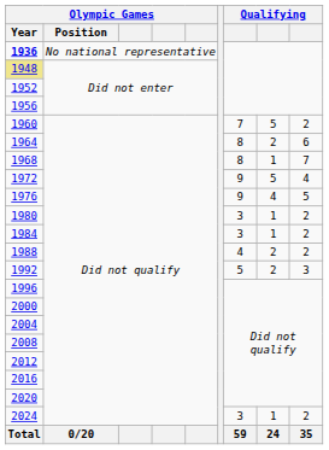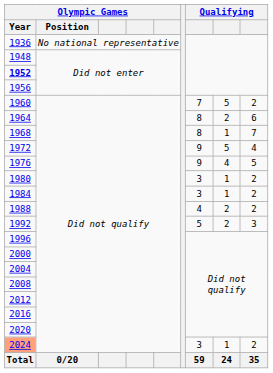 <table class="wikitable" style="text-align: center;font-size:90%;">
 <tr>
 <th colspan=5><a href='#'>Olympic Games</a></th>
 <th rowspan=24></th>
 <th colspan=3><a href='#'>Qualifying</a></th>
 </tr>
 <tr>
 <th>Year</th>
 <th>Position</th>
 <th width=30></th>
 <th width=30></th>
 <th width=30></th>
 <th width=30></th>
 <th width=30></th>
 <th width=30></th>
 </tr>
 <tr>
-<td><strong> <a href='#'>1936</a></strong></td>
+<td> <a href='#'>1936</a></td>
 <td colspan=4><em>No national representative</em></td>
 </tr>
 <tr>
-<td style="background: khaki;"> <a href='#'>1948</a></td>
+<td> <a href='#'>1948</a></td>
 <td colspan=4 rowspan=3><em>Did not enter</em></td>
 </tr>
 <tr>
-<td> <a href='#'>1952</a></td>
+<td><strong> <a href='#'>1952</a></strong></td>
 </tr>
 <tr>
 <td> <a href='#'>1956</a></td>
 </tr>
 <tr>
 <td> <a href='#'>1960</a></td>
 <td colspan=4 rowspan=17><em>Did not qualify</em></td>
 <td>7</td>
 <td>5</td>
 <td>2</td>
 </tr>
 <tr>
 <td> <a href='#'>1964</a></td>
 <td>8</td>
 <td>2</td>
 <td>6</td>
 </tr>
 <tr>
 <td> <a href='#'>1968</a></td>
 <td>8</td>
 <td>1</td>
 <td>7</td>
 </tr>
 <tr>
 <td> <a href='#'>1972</a></td>
 <td>9</td>
 <td>5</td>
 <td>4</td>
 </tr>
 <tr>
 <td> <a href='#'>1976</a></td>
 <td>9</td>
 <td>4</td>
 <td>5</td>
 </tr>
 <tr>
 <td> <a href='#'>1980</a></td>
 <td>3</td>
 <td>1</td>
 <td>2</td>
 </tr>
 <tr>
 <td> <a href='#'>1984</a></td>
 <td>3</td>
 <td>1</td>
 <td>2</td>
 </tr>
 <tr>
 <td> <a href='#'>1988</a></td>
 <td>4</td>
 <td>2</td>
 <td>2</td>
 </tr>
 <tr>
 <td> <a href='#'>1992</a></td>
 <td>5</td>
 <td>2</td>
 <td>3</td>
 </tr>
 <tr>
 <td> <a href='#'>1996</a></td>
 <td colspan=3 rowspan=7><em>Did not qualify</em></td>
 </tr>
 <tr>
 <td> <a href='#'>2000</a></td>
 </tr>
 <tr>
 <td> <a href='#'>2004</a></td>
 </tr>
 <tr>
 <td> <a href='#'>2008</a></td>
 </tr>
 <tr>
 <td> <a href='#'>2012</a></td>
 </tr>
 <tr>
 <td> <a href='#'>2016</a></td>
 </tr>
 <tr>
 <td> <a href='#'>2020</a></td>
 </tr>
 <tr>
-<td> <a href='#'>2024</a></td>
+<td style="background: lightsalmon;"> <a href='#'>2024</a></td>
 <td>3</td>
 <td>1</td>
 <td>2</td>
 </tr>
 <tr>
 <th>Total</th>
 <th>0/20</th>
 <th></th>
 <th></th>
 <th></th>
 <th>59</th>
 <th>24</th>
 <th>35</th>
 </tr>
 </table>
